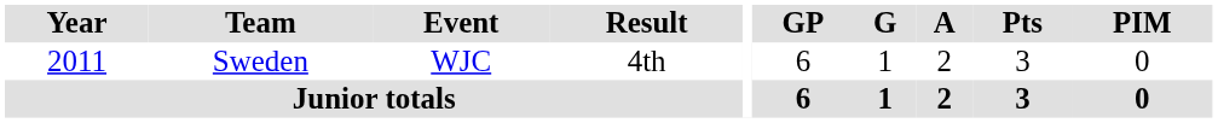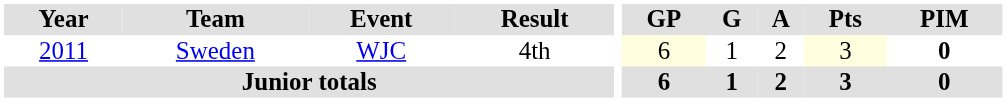 <table border="0" cellpadding="1" cellspacing="0" ID="Table3" style="text-align:center; width:40em">
 <tr ALIGN="center" bgcolor="#e0e0e0">
 <th>Year</th>
 <th>Team</th>
 <th>Event</th>
 <th>Result</th>
 <th rowspan="99" bgcolor="#ffffff"></th>
 <th>GP</th>
 <th>G</th>
 <th>A</th>
 <th>Pts</th>
 <th>PIM</th>
 </tr>
 <tr>
 <td><a href='#'>2011</a></td>
 <td><a href='#'>Sweden</a></td>
 <td><a href='#'>WJC</a></td>
 <td>4th</td>
-<td>6</td>
+<td style="background: lightyellow;">6</td>
 <td>1</td>
 <td>2</td>
-<td>3</td>
-<td>0</td>
+<td style="background: lightyellow;">3</td>
+<td><strong>0</strong></td>
 </tr>
 <tr bgcolor="#e0e0e0">
 <th colspan="4">Junior totals</th>
 <th>6</th>
 <th>1</th>
 <th>2</th>
 <th>3</th>
 <th>0</th>
 </tr>
 </table>
